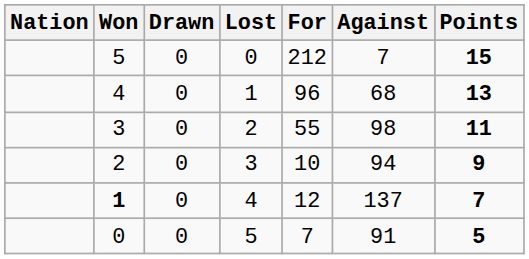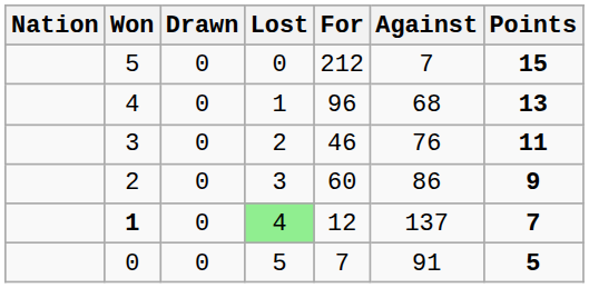 <table class="wikitable" style="text-align: center;">
 <tr>
 <th>Nation</th>
 <th>Won</th>
 <th>Drawn</th>
 <th>Lost</th>
 <th>For</th>
 <th>Against</th>
 <th>Points</th>
 </tr>
 <tr>
 <td align="left"></td>
 <td>5</td>
 <td>0</td>
 <td>0</td>
 <td>212</td>
 <td>7</td>
 <td><strong>15</strong></td>
 </tr>
 <tr>
 <td align="left"></td>
 <td>4</td>
 <td>0</td>
 <td>1</td>
 <td>96</td>
 <td>68</td>
 <td><strong>13</strong></td>
 </tr>
 <tr>
 <td align="left"></td>
 <td>3</td>
 <td>0</td>
 <td>2</td>
-<td>55</td>
-<td>98</td>
+<td>46</td>
+<td>76</td>
 <td><strong>11</strong></td>
 </tr>
 <tr>
 <td align="left"></td>
 <td>2</td>
 <td>0</td>
 <td>3</td>
-<td>10</td>
-<td>94</td>
+<td>60</td>
+<td>86</td>
 <td><strong>9</strong></td>
 </tr>
 <tr>
 <td align="left"></td>
 <td><strong>1</strong></td>
 <td>0</td>
-<td>4</td>
+<td style="background: lightgreen;">4</td>
 <td>12</td>
 <td>137</td>
 <td><strong>7</strong></td>
 </tr>
 <tr>
 <td align="left"></td>
 <td>0</td>
 <td>0</td>
 <td>5</td>
 <td>7</td>
 <td>91</td>
 <td><strong>5</strong></td>
 </tr>
 </table>
